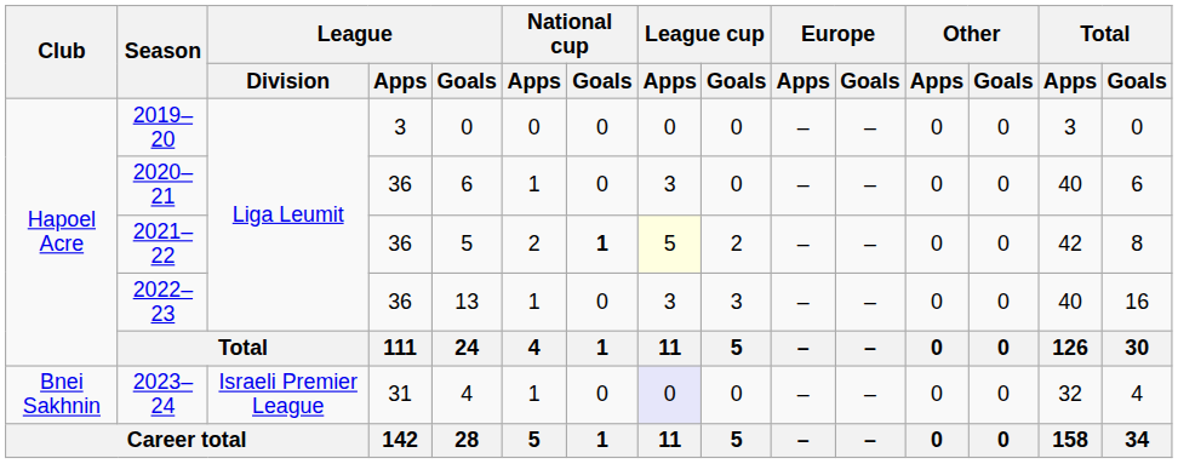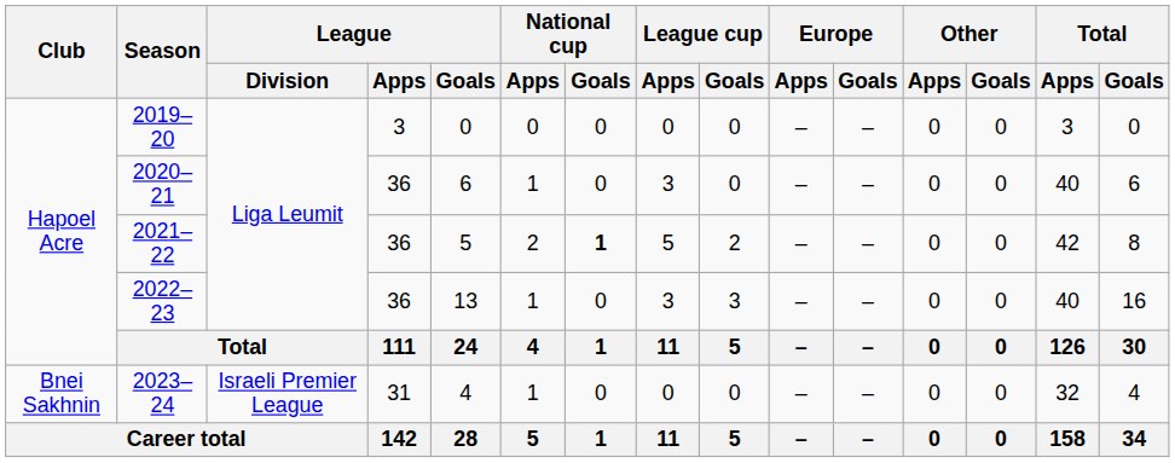 <table class="wikitable" style="text-align:center">
 <tr>
 <th rowspan="2">Club</th>
 <th rowspan="2">Season</th>
 <th colspan="3">League</th>
 <th colspan="2">National cup</th>
 <th colspan="2">League cup</th>
 <th colspan="2">Europe</th>
 <th colspan="2">Other</th>
 <th colspan="2">Total</th>
 </tr>
 <tr>
 <th>Division</th>
 <th>Apps</th>
 <th>Goals</th>
 <th>Apps</th>
 <th>Goals</th>
 <th>Apps</th>
 <th>Goals</th>
 <th>Apps</th>
 <th>Goals</th>
 <th>Apps</th>
 <th>Goals</th>
 <th>Apps</th>
 <th>Goals</th>
 </tr>
 <tr>
 <td rowspan="5"><a href='#'>Hapoel Acre</a></td>
 <td><a href='#'>2019–20</a></td>
 <td rowspan="4"><a href='#'>Liga Leumit</a></td>
 <td>3</td>
 <td>0</td>
 <td>0</td>
 <td>0</td>
 <td>0</td>
 <td>0</td>
 <td>–</td>
 <td>–</td>
 <td>0</td>
 <td>0</td>
 <td>3</td>
 <td>0</td>
 </tr>
 <tr>
 <td><a href='#'>2020–21</a></td>
 <td>36</td>
 <td>6</td>
 <td>1</td>
 <td>0</td>
 <td>3</td>
 <td>0</td>
 <td>–</td>
 <td>–</td>
 <td>0</td>
 <td>0</td>
 <td>40</td>
 <td>6</td>
 </tr>
 <tr>
 <td><a href='#'>2021–22</a></td>
 <td>36</td>
 <td>5</td>
 <td>2</td>
 <td><strong>1</strong></td>
-<td style="background: lightyellow;">5</td>
+<td>5</td>
 <td>2</td>
 <td>–</td>
 <td>–</td>
 <td>0</td>
 <td>0</td>
 <td>42</td>
 <td>8</td>
 </tr>
 <tr>
 <td><a href='#'>2022–23</a></td>
 <td>36</td>
 <td>13</td>
 <td>1</td>
 <td>0</td>
 <td>3</td>
 <td>3</td>
 <td>–</td>
 <td>–</td>
 <td>0</td>
 <td>0</td>
 <td>40</td>
 <td>16</td>
 </tr>
 <tr>
 <th colspan="2">Total</th>
 <th>111</th>
 <th>24</th>
 <th>4</th>
 <th>1</th>
 <th>11</th>
 <th>5</th>
 <th>–</th>
 <th>–</th>
 <th>0</th>
 <th>0</th>
 <th>126</th>
 <th>30</th>
 </tr>
 <tr>
 <td><a href='#'>Bnei Sakhnin</a></td>
 <td><a href='#'>2023–24</a></td>
 <td rowspan="1"><a href='#'>Israeli Premier League</a></td>
 <td>31</td>
 <td>4</td>
 <td>1</td>
 <td>0</td>
-<td style="background: lavender;">0</td>
+<td>0</td>
 <td>0</td>
 <td>–</td>
 <td>–</td>
 <td>0</td>
 <td>0</td>
 <td>32</td>
 <td>4</td>
 </tr>
 <tr>
 <th colspan="3">Career total</th>
 <th>142</th>
 <th>28</th>
 <th>5</th>
 <th>1</th>
 <th>11</th>
 <th>5</th>
 <th>–</th>
 <th>–</th>
 <th>0</th>
 <th>0</th>
 <th>158</th>
 <th>34</th>
 </tr>
 </table>
